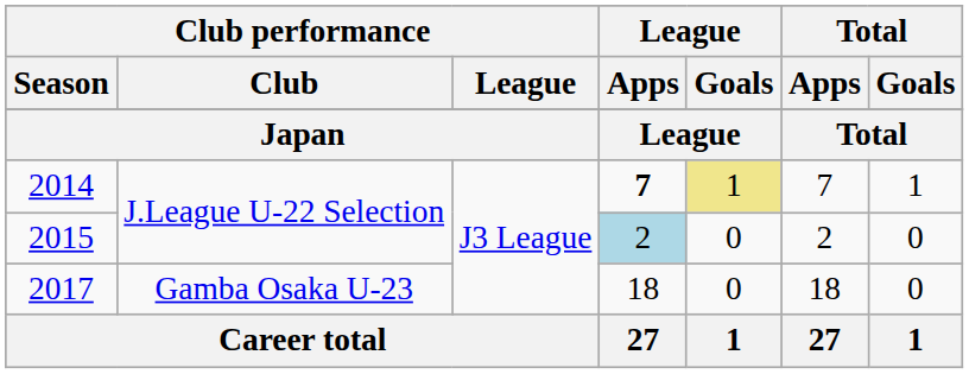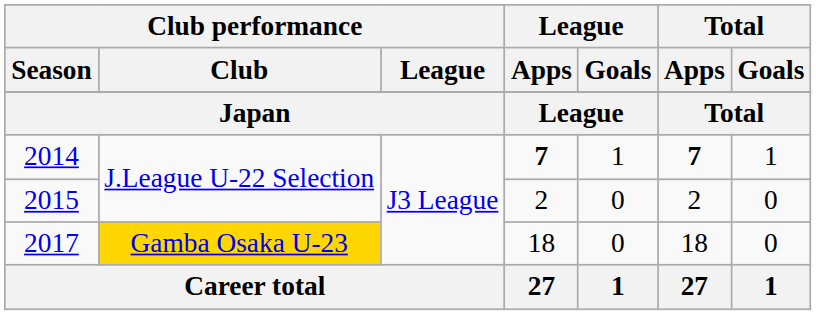 <table class="wikitable" style="text-align:center">
 <tr>
 <th colspan=3>Club performance</th>
 <th colspan=2>League</th>
 <th colspan=2>Total</th>
 </tr>
 <tr>
 <th>Season</th>
 <th>Club</th>
 <th>League</th>
 <th>Apps</th>
 <th>Goals</th>
 <th>Apps</th>
 <th>Goals</th>
 </tr>
 <tr>
 </tr>
 <tr>
 <th colspan=3>Japan</th>
 <th colspan=2>League</th>
 <th colspan=2>Total</th>
 </tr>
 <tr>
 <td><a href='#'>2014</a></td>
 <td rowspan="2"><a href='#'>J.League U-22 Selection</a></td>
 <td rowspan="3"><a href='#'>J3 League</a></td>
 <td><strong>7</strong></td>
-<td style="background: khaki;">1</td>
-<td>7</td>
+<td>1</td>
+<td><strong>7</strong></td>
 <td>1</td>
 </tr>
 <tr>
 <td><a href='#'>2015</a></td>
-<td style="background: lightblue;">2</td>
+<td>2</td>
 <td>0</td>
 <td>2</td>
 <td>0</td>
 </tr>
 <tr>
 <td><a href='#'>2017</a></td>
-<td><a href='#'>Gamba Osaka U-23</a></td>
+<td style="background: gold;"><a href='#'>Gamba Osaka U-23</a></td>
 <td>18</td>
 <td>0</td>
 <td>18</td>
 <td>0</td>
 </tr>
 <tr>
 <th colspan=3>Career total</th>
 <th>27</th>
 <th>1</th>
 <th>27</th>
 <th>1</th>
 </tr>
 </table>
